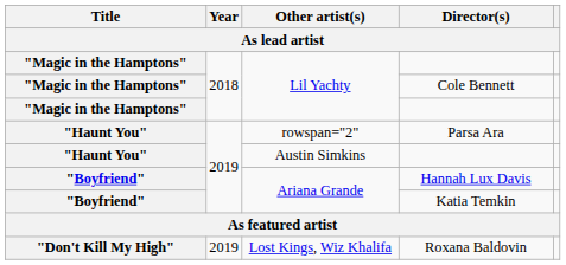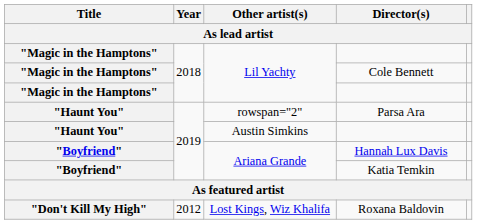 <table class="wikitable plainrowheaders" style="text-align:center;">
 <tr>
 <th scope="col" style="width:16em;">Title</th>
 <th scope="col">Year</th>
 <th scope="col" style="width:12em;">Other artist(s)</th>
 <th scope="col" style="width:12em;">Director(s)</th>
 <th scope="col"></th>
 </tr>
 <tr>
 <th scope="col" colspan="5">As lead artist</th>
 </tr>
 <tr>
 <th scope="row">"Magic in the Hamptons" </th>
 <td rowspan="3">2018</td>
 <td rowspan="3"><a href='#'>Lil Yachty</a></td>
 <td></td>
 <td></td>
 </tr>
 <tr>
 <th scope="row">"Magic in the Hamptons"</th>
 <td>Cole Bennett</td>
 <td></td>
 </tr>
 <tr>
 <th scope="row">"Magic in the Hamptons" </th>
 <td></td>
 <td></td>
 </tr>
 <tr>
 <th scope="row">"Haunt You" </th>
 <td rowspan="4">2019</td>
 <td>rowspan="2" </td>
 <td>Parsa Ara</td>
 <td></td>
 </tr>
 <tr>
 <th scope="row">"Haunt You"</th>
 <td>Austin Simkins</td>
 <td></td>
 </tr>
 <tr>
 <th scope="row">"<a href='#'>Boyfriend</a>"</th>
 <td rowspan="2"><a href='#'>Ariana Grande</a></td>
 <td><a href='#'>Hannah Lux Davis</a></td>
 <td></td>
 </tr>
 <tr>
 <th scope="row">"Boyfriend" </th>
 <td>Katia Temkin</td>
 <td></td>
 </tr>
 <tr>
 <th scope="col" colspan="5">As featured artist</th>
 </tr>
 <tr>
 <th scope="row">"Don't Kill My High"</th>
-<td>2019</td>
+<td>2012</td>
 <td><a href='#'>Lost Kings</a>, <a href='#'>Wiz Khalifa</a></td>
 <td>Roxana Baldovin</td>
 <td></td>
 </tr>
 </table>
